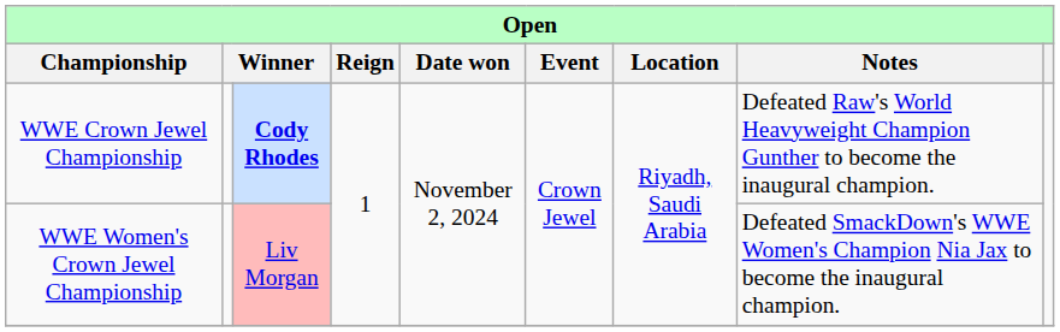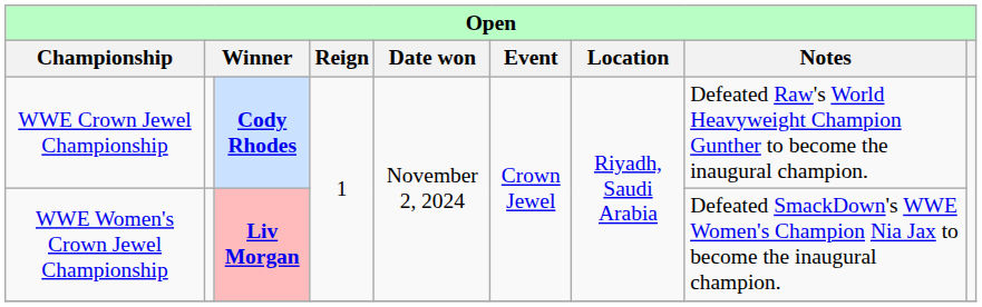 <table class="wikitable" style="font-size: 85%;">
 <tr>
 <th colspan="10" style="background:#B9FFC5;">Open</th>
 </tr>
 <tr>
 <th>Championship</th>
 <th colspan="2">Winner</th>
 <th>Reign</th>
 <th>Date won</th>
 <th>Event</th>
 <th>Location</th>
 <th>Notes</th>
 <th></th>
 </tr>
 <tr>
 <td align=center><a href='#'>WWE Crown Jewel Championship</a></td>
 <td align=center></td>
 <td style="background:#CAE1FF;"align=center><strong><a href='#'>Cody Rhodes</a> </strong></td>
 <td rowspan=2 align=center>1</td>
 <td rowspan=2 align=center>November 2, 2024</td>
 <td rowspan=2 align=center><a href='#'>Crown Jewel</a></td>
 <td rowspan=2 align=center><a href='#'>Riyadh, Saudi Arabia</a></td>
 <td align="left">Defeated <a href='#'>Raw</a>'s <a href='#'>World Heavyweight Champion</a> <a href='#'>Gunther</a> to become the inaugural champion.</td>
 <td rowspan=2></td>
 </tr>
 <tr>
 <td align=center><a href='#'>WWE Women's Crown Jewel Championship</a></td>
 <td align=center></td>
-<td style="background:#FBB;"align=center><a href='#'>Liv Morgan</a> </td>
+<td style="background:#FBB;"align=center><strong><a href='#'>Liv Morgan</a> </strong></td>
 <td align="left">Defeated <a href='#'>SmackDown</a>'s <a href='#'>WWE Women's Champion</a> <a href='#'>Nia Jax</a> to become the inaugural champion.</td>
 </tr>
 <tr>
 </tr>
 </table>
